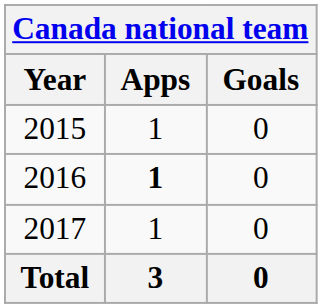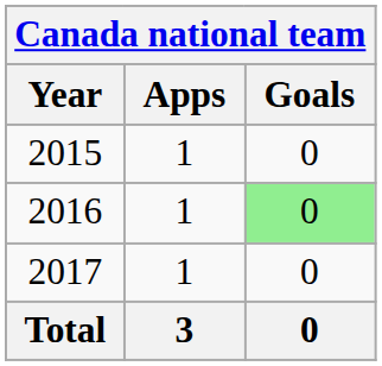 <table class="wikitable" style="text-align:center">
 <tr>
 <th colspan=3><a href='#'>Canada national team</a></th>
 </tr>
 <tr>
 <th>Year</th>
 <th>Apps</th>
 <th>Goals</th>
 </tr>
 <tr>
 <td>2015</td>
 <td>1</td>
 <td>0</td>
 </tr>
 <tr>
 <td>2016</td>
-<td><strong>1</strong></td>
-<td>0</td>
+<td>1</td>
+<td style="background: lightgreen;">0</td>
 </tr>
 <tr>
 <td>2017</td>
 <td>1</td>
 <td>0</td>
 </tr>
 <tr>
 <th>Total</th>
 <th>3</th>
 <th>0</th>
 </tr>
 </table>
